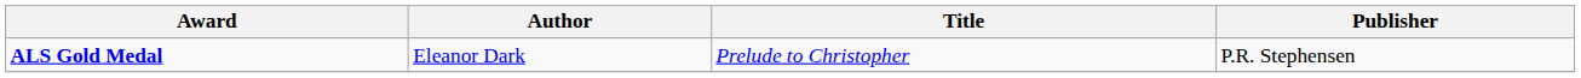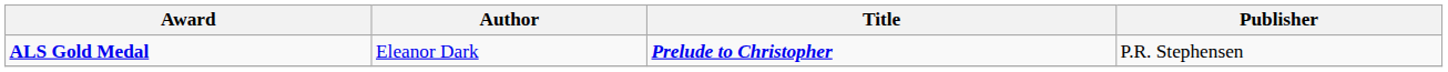 <table class="wikitable" width=95%>
 <tr>
 <th>Award</th>
 <th>Author</th>
 <th>Title</th>
 <th>Publisher</th>
 </tr>
 <tr>
 <td><strong><a href='#'>ALS Gold Medal</a></strong></td>
 <td><a href='#'>Eleanor Dark</a></td>
-<td><em><a href='#'>Prelude to Christopher</a></em></td>
+<td><strong><em><a href='#'>Prelude to Christopher</a></em></strong></td>
 <td>P.R. Stephensen</td>
 </tr>
 <tr>
 </tr>
 </table>
